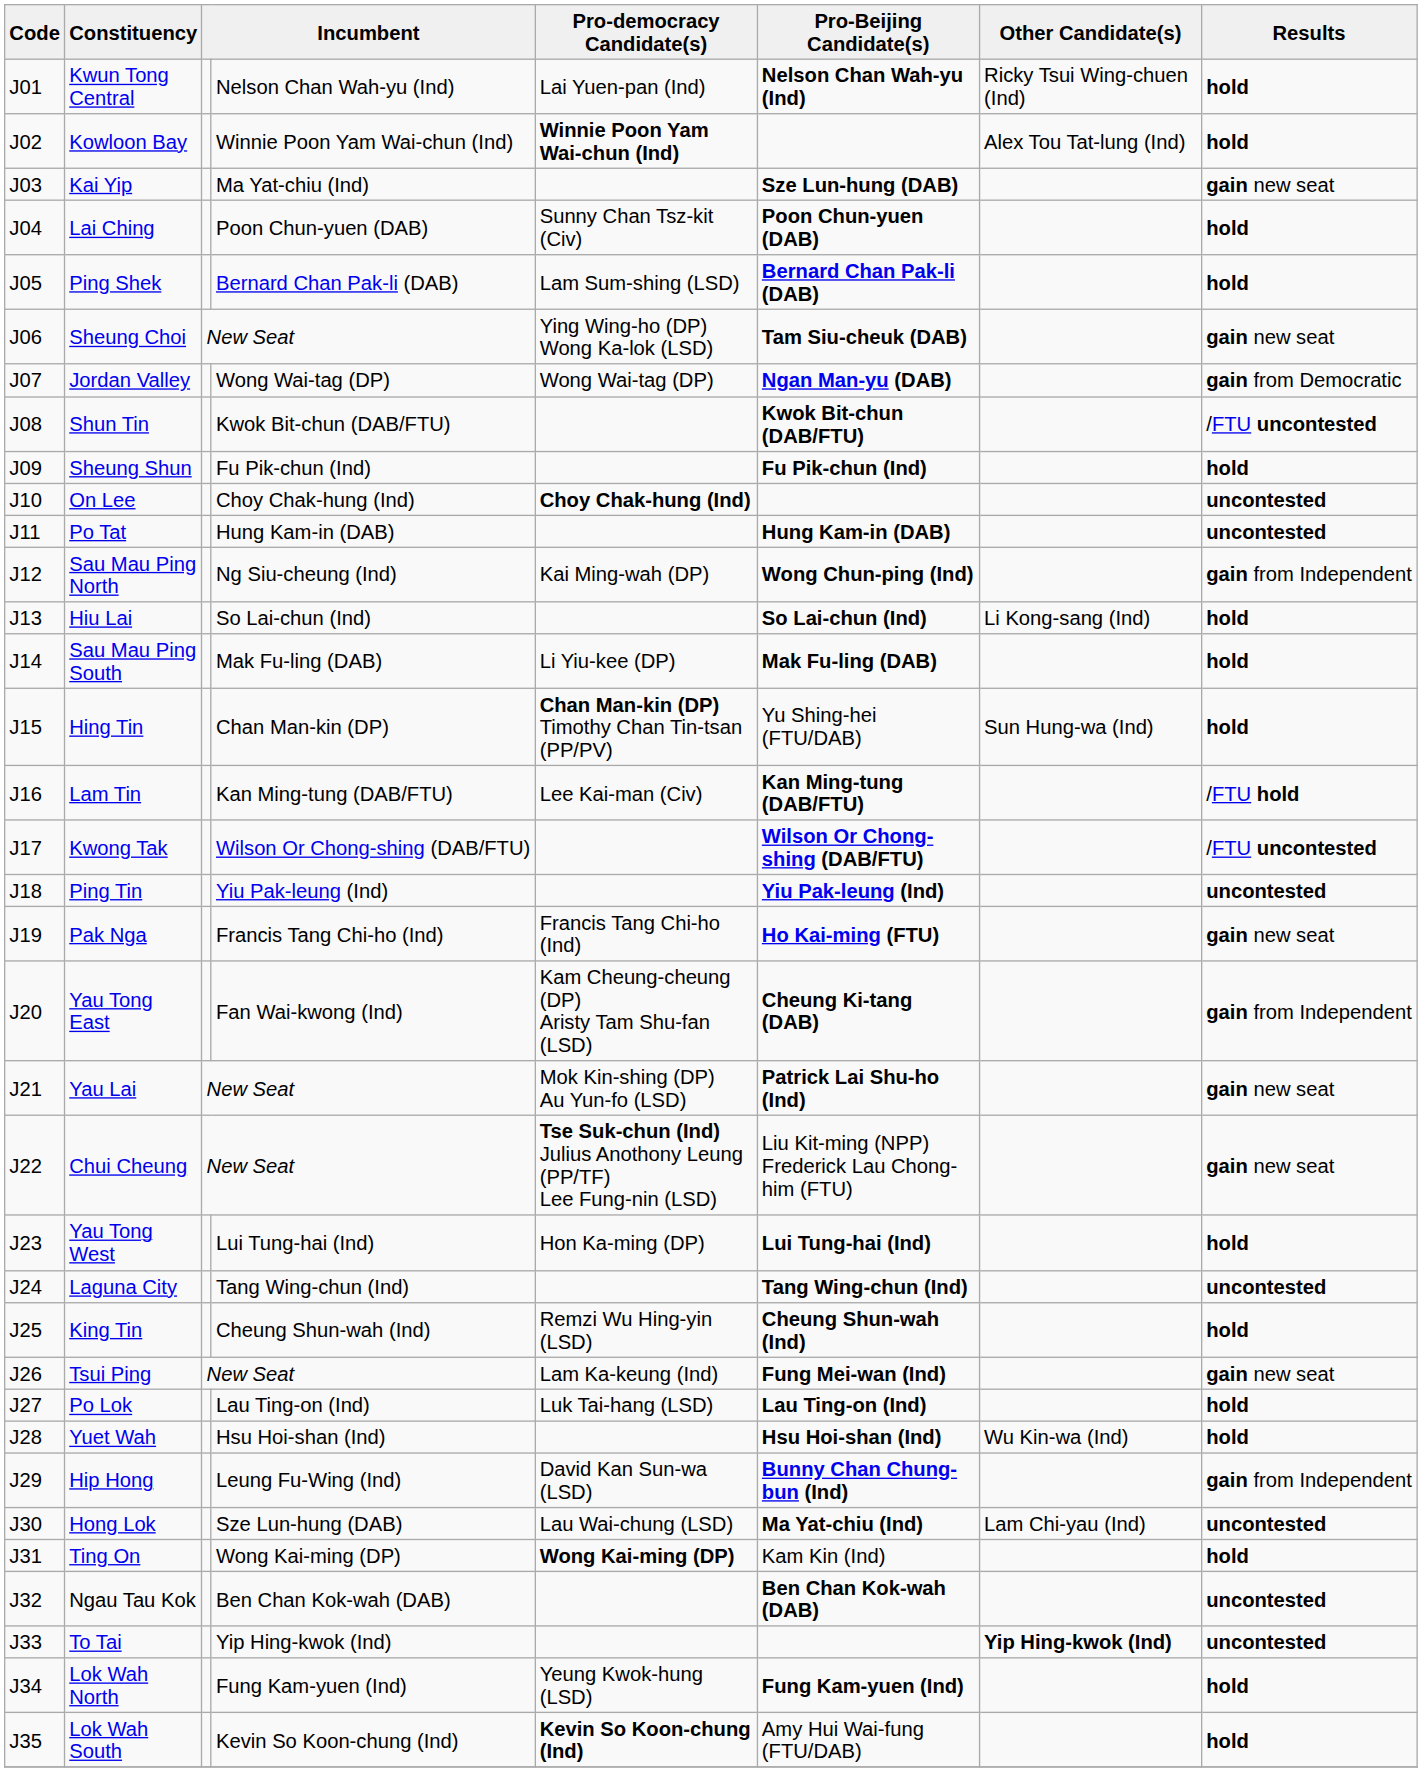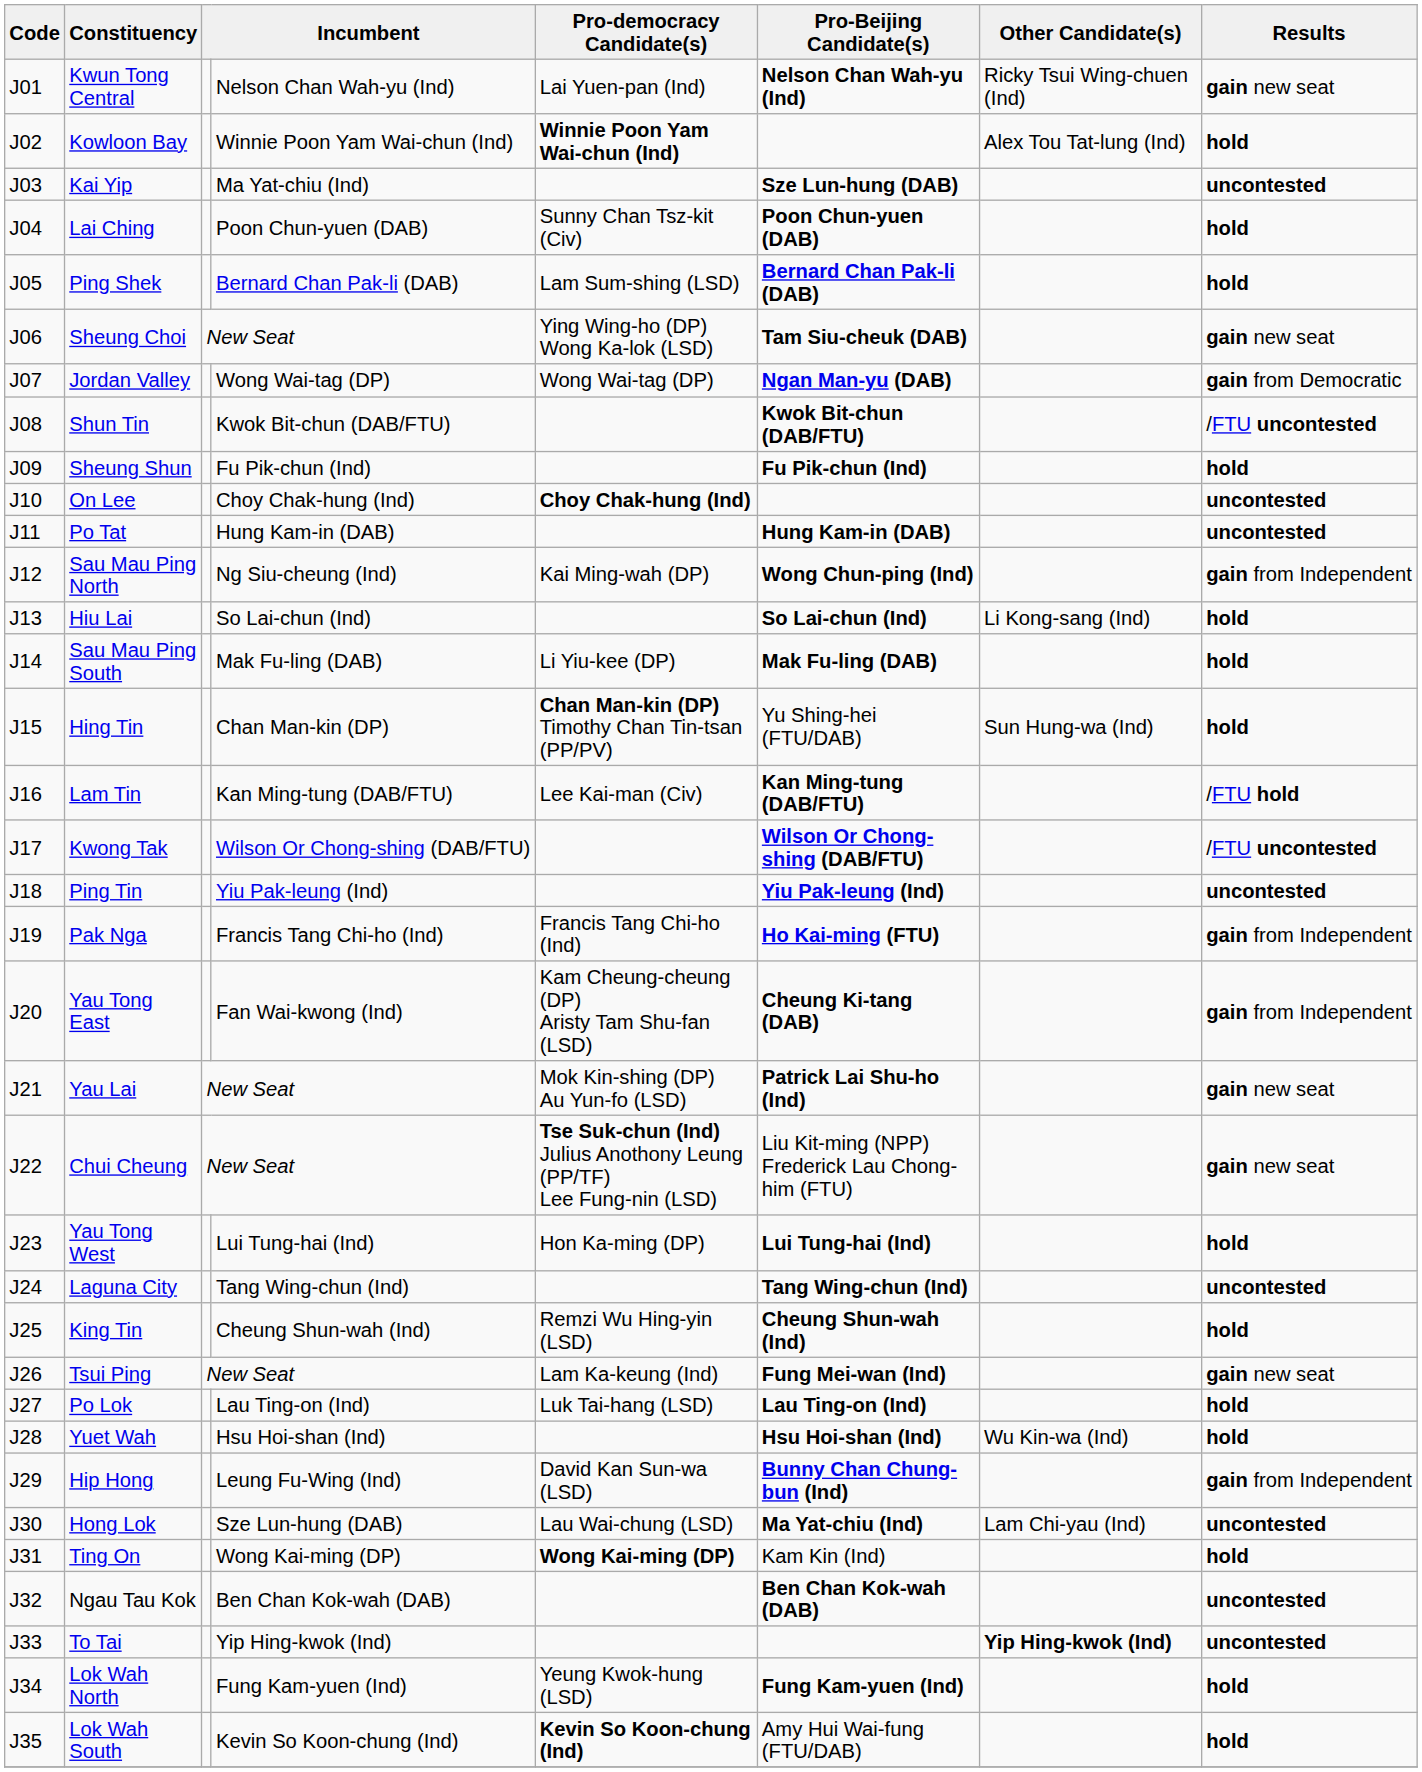 <table class="wikitable" style="font-size: 95%;">
 <tr>
 <th align="center" style="background:#f0f0f0;" width="20px">Code</th>
 <th align="center" style="background:#f0f0f0;" width="90px">Constituency</th>
 <th align="center" style="background:#f0f0f0;" width="120px" colspan=2>Incumbent</th>
 <th align="center" style="background:#f0f0f0;" width="160px">Pro-democracy Candidate(s)</th>
 <th align="center" style="background:#f0f0f0;" width="160px">Pro-Beijing Candidate(s)</th>
 <th align="center" style="background:#f0f0f0;" width="160px">Other Candidate(s)</th>
 <th align="center" style="background:#f0f0f0;" width="100px" colspan="2">Results</th>
 </tr>
 <tr>
 <td>J01</td>
 <td><a href='#'>Kwun Tong Central</a></td>
 <td></td>
 <td>Nelson Chan Wah-yu (Ind)</td>
 <td>Lai Yuen-pan (Ind)</td>
 <td><strong>Nelson Chan Wah-yu (Ind)</strong></td>
 <td>Ricky Tsui Wing-chuen (Ind)</td>
-<td> <strong>hold</strong></td>
+<td> <strong>gain</strong> new seat</td>
 </tr>
 <tr>
 <td>J02</td>
 <td><a href='#'>Kowloon Bay</a></td>
 <td></td>
 <td>Winnie Poon Yam Wai-chun (Ind)</td>
 <td><strong>Winnie Poon Yam Wai-chun (Ind)</strong></td>
 <td></td>
 <td>Alex Tou Tat-lung (Ind)</td>
 <td> <strong>hold</strong></td>
 </tr>
 <tr>
 <td>J03</td>
 <td><a href='#'>Kai Yip</a></td>
 <td></td>
 <td>Ma Yat-chiu (Ind)</td>
 <td></td>
 <td><strong>Sze Lun-hung (DAB)</strong></td>
 <td></td>
-<td> <strong>gain</strong> new seat</td>
+<td> <strong>uncontested</strong></td>
 </tr>
 <tr>
 <td>J04</td>
 <td><a href='#'>Lai Ching</a></td>
 <td></td>
 <td>Poon Chun-yuen (DAB)</td>
 <td>Sunny Chan Tsz-kit (Civ)</td>
 <td><strong>Poon Chun-yuen (DAB)</strong></td>
 <td></td>
 <td> <strong>hold</strong></td>
 </tr>
 <tr>
 <td>J05</td>
 <td><a href='#'>Ping Shek</a></td>
 <td></td>
 <td><a href='#'>Bernard Chan Pak-li</a> (DAB)</td>
 <td>Lam Sum-shing (LSD)</td>
 <td><strong><a href='#'>Bernard Chan Pak-li</a> (DAB)</strong></td>
 <td></td>
 <td> <strong>hold</strong></td>
 </tr>
 <tr>
 <td>J06</td>
 <td><a href='#'>Sheung Choi</a></td>
 <td colspan=2><em>New Seat</em></td>
 <td>Ying Wing-ho (DP)<br> Wong Ka-lok (LSD)</td>
 <td><strong>Tam Siu-cheuk (DAB)</strong></td>
 <td></td>
 <td> <strong>gain</strong> new seat</td>
 </tr>
 <tr>
 <td>J07</td>
 <td><a href='#'>Jordan Valley</a></td>
 <td></td>
 <td>Wong Wai-tag (DP)</td>
 <td>Wong Wai-tag (DP)</td>
 <td><strong><a href='#'>Ngan Man-yu</a> (DAB)</strong></td>
 <td></td>
 <td> <strong>gain</strong> from Democratic</td>
 </tr>
 <tr>
 <td>J08</td>
 <td><a href='#'>Shun Tin</a></td>
 <td></td>
 <td>Kwok Bit-chun (DAB/FTU)</td>
 <td></td>
 <td><strong>Kwok Bit-chun (DAB/FTU)</strong></td>
 <td></td>
 <td>/<a href='#'>FTU</a> <strong>uncontested</strong></td>
 </tr>
 <tr>
 <td>J09</td>
 <td><a href='#'>Sheung Shun</a></td>
 <td></td>
 <td>Fu Pik-chun (Ind)</td>
 <td></td>
 <td><strong>Fu Pik-chun (Ind)</strong></td>
 <td></td>
 <td> <strong>hold</strong></td>
 </tr>
 <tr>
 <td>J10</td>
 <td><a href='#'>On Lee</a></td>
 <td></td>
 <td>Choy Chak-hung (Ind)</td>
 <td><strong>Choy Chak-hung (Ind)</strong></td>
 <td></td>
 <td></td>
 <td> <strong>uncontested</strong></td>
 </tr>
 <tr>
 <td>J11</td>
 <td><a href='#'>Po Tat</a></td>
 <td></td>
 <td>Hung Kam-in (DAB)</td>
 <td></td>
 <td><strong>Hung Kam-in (DAB)</strong></td>
 <td></td>
 <td> <strong>uncontested</strong></td>
 </tr>
 <tr>
 <td>J12</td>
 <td><a href='#'>Sau Mau Ping North</a></td>
 <td></td>
 <td>Ng Siu-cheung (Ind)</td>
 <td>Kai Ming-wah (DP)</td>
 <td><strong>Wong Chun-ping (Ind) </strong></td>
 <td></td>
 <td> <strong>gain</strong> from Independent</td>
 </tr>
 <tr>
 <td>J13</td>
 <td><a href='#'>Hiu Lai</a></td>
 <td></td>
 <td>So Lai-chun (Ind)</td>
 <td></td>
 <td><strong>So Lai-chun (Ind)</strong></td>
 <td>Li Kong-sang (Ind)</td>
 <td> <strong>hold</strong></td>
 </tr>
 <tr>
 <td>J14</td>
 <td><a href='#'>Sau Mau Ping South</a></td>
 <td></td>
 <td>Mak Fu-ling (DAB)</td>
 <td>Li Yiu-kee (DP)</td>
 <td><strong>Mak Fu-ling (DAB)</strong></td>
 <td></td>
 <td> <strong>hold</strong></td>
 </tr>
 <tr>
 <td>J15</td>
 <td><a href='#'>Hing Tin</a></td>
 <td></td>
 <td>Chan Man-kin (DP)</td>
 <td><strong>Chan Man-kin (DP)</strong><br>Timothy Chan Tin-tsan (PP/PV)</td>
 <td>Yu Shing-hei (FTU/DAB)</td>
 <td>Sun Hung-wa (Ind)</td>
 <td> <strong>hold</strong></td>
 </tr>
 <tr>
 <td>J16</td>
 <td><a href='#'>Lam Tin</a></td>
 <td></td>
 <td>Kan Ming-tung (DAB/FTU)</td>
 <td>Lee Kai-man (Civ)</td>
 <td><strong>Kan Ming-tung (DAB/FTU)</strong></td>
 <td></td>
 <td>/<a href='#'>FTU</a> <strong>hold</strong></td>
 </tr>
 <tr>
 <td>J17</td>
 <td><a href='#'>Kwong Tak</a></td>
 <td></td>
 <td><a href='#'>Wilson Or Chong-shing</a> (DAB/FTU)</td>
 <td></td>
 <td><strong><a href='#'>Wilson Or Chong-shing</a> (DAB/FTU)</strong></td>
 <td></td>
 <td>/<a href='#'>FTU</a> <strong>uncontested</strong></td>
 </tr>
 <tr>
 <td>J18</td>
 <td><a href='#'>Ping Tin</a></td>
 <td></td>
 <td><a href='#'>Yiu Pak-leung</a> (Ind)</td>
 <td></td>
 <td><strong><a href='#'>Yiu Pak-leung</a> (Ind)</strong></td>
 <td></td>
 <td> <strong>uncontested</strong></td>
 </tr>
 <tr>
 <td>J19</td>
 <td><a href='#'>Pak Nga</a></td>
 <td></td>
 <td>Francis Tang Chi-ho (Ind)</td>
 <td>Francis Tang Chi-ho (Ind)</td>
 <td><strong> <a href='#'>Ho Kai-ming</a> (FTU) </strong></td>
 <td></td>
-<td> <strong>gain</strong> new seat</td>
+<td> <strong>gain</strong> from Independent</td>
 </tr>
 <tr>
 <td>J20</td>
 <td><a href='#'>Yau Tong East</a></td>
 <td></td>
 <td>Fan Wai-kwong (Ind)</td>
 <td>Kam Cheung-cheung (DP)<br>Aristy Tam Shu-fan (LSD)</td>
 <td><strong>Cheung Ki-tang (DAB)</strong></td>
 <td></td>
 <td> <strong>gain</strong> from Independent</td>
 </tr>
 <tr>
 <td>J21</td>
 <td><a href='#'>Yau Lai</a></td>
 <td colspan=2><em>New Seat</em></td>
 <td>Mok Kin-shing (DP)<br> Au Yun-fo (LSD)</td>
 <td><strong>Patrick Lai Shu-ho (Ind)</strong></td>
 <td></td>
 <td> <strong>gain</strong> new seat</td>
 </tr>
 <tr>
 <td>J22</td>
 <td><a href='#'>Chui Cheung</a></td>
 <td colspan=2><em>New Seat</em></td>
 <td><strong>Tse Suk-chun (Ind)</strong><br>Julius Anothony Leung (PP/TF)<br>Lee Fung-nin (LSD)</td>
 <td>Liu Kit-ming (NPP)<br>Frederick Lau Chong-him (FTU)</td>
 <td></td>
 <td> <strong>gain</strong> new seat</td>
 </tr>
 <tr>
 <td>J23</td>
 <td><a href='#'>Yau Tong West</a></td>
 <td></td>
 <td>Lui Tung-hai (Ind)</td>
 <td>Hon Ka-ming (DP)</td>
 <td><strong>Lui Tung-hai (Ind)</strong></td>
 <td></td>
 <td> <strong>hold</strong></td>
 </tr>
 <tr>
 <td>J24</td>
 <td><a href='#'>Laguna City</a></td>
 <td></td>
 <td>Tang Wing-chun (Ind)</td>
 <td></td>
 <td><strong>Tang Wing-chun (Ind)</strong></td>
 <td></td>
 <td> <strong>uncontested</strong></td>
 </tr>
 <tr>
 <td>J25</td>
 <td><a href='#'>King Tin</a></td>
 <td></td>
 <td>Cheung Shun-wah (Ind)</td>
 <td>Remzi Wu Hing-yin (LSD)</td>
 <td><strong>Cheung Shun-wah (Ind)</strong></td>
 <td></td>
 <td> <strong>hold</strong></td>
 </tr>
 <tr>
 <td>J26</td>
 <td><a href='#'>Tsui Ping</a></td>
 <td colspan=2><em>New Seat</em></td>
 <td>Lam Ka-keung (Ind)</td>
 <td><strong>Fung Mei-wan (Ind)</strong></td>
 <td></td>
 <td> <strong>gain</strong> new seat</td>
 </tr>
 <tr>
 <td>J27</td>
 <td><a href='#'>Po Lok</a></td>
 <td></td>
 <td>Lau Ting-on (Ind)</td>
 <td>Luk Tai-hang (LSD)</td>
 <td><strong>Lau Ting-on (Ind)</strong></td>
 <td></td>
 <td> <strong>hold</strong></td>
 </tr>
 <tr>
 <td>J28</td>
 <td><a href='#'>Yuet Wah</a></td>
 <td></td>
 <td>Hsu Hoi-shan (Ind)</td>
 <td></td>
 <td><strong>Hsu Hoi-shan (Ind)</strong></td>
 <td>Wu Kin-wa (Ind)</td>
 <td> <strong>hold</strong></td>
 </tr>
 <tr>
 <td>J29</td>
 <td><a href='#'>Hip Hong</a></td>
 <td></td>
 <td>Leung Fu-Wing (Ind)</td>
 <td>David Kan Sun-wa (LSD)</td>
 <td><strong><a href='#'>Bunny Chan Chung-bun</a> (Ind)</strong></td>
 <td></td>
 <td> <strong>gain</strong> from Independent</td>
 </tr>
 <tr>
 <td>J30</td>
 <td><a href='#'>Hong Lok</a></td>
 <td></td>
 <td>Sze Lun-hung (DAB)</td>
 <td>Lau Wai-chung (LSD)</td>
 <td><strong>Ma Yat-chiu (Ind)</strong></td>
 <td>Lam Chi-yau (Ind)</td>
 <td> <strong>uncontested</strong></td>
 </tr>
 <tr>
 <td>J31</td>
 <td><a href='#'>Ting On</a></td>
 <td></td>
 <td>Wong Kai-ming (DP)</td>
 <td><strong>Wong Kai-ming (DP)</strong></td>
 <td>Kam Kin (Ind) </td>
 <td></td>
 <td> <strong>hold</strong></td>
 </tr>
 <tr>
 <td>J32</td>
 <td>Ngau Tau Kok</td>
 <td></td>
 <td>Ben Chan Kok-wah (DAB)</td>
 <td></td>
 <td><strong>Ben Chan Kok-wah (DAB)</strong></td>
 <td></td>
 <td> <strong>uncontested</strong></td>
 </tr>
 <tr>
 <td>J33</td>
 <td><a href='#'>To Tai</a></td>
 <td></td>
 <td>Yip Hing-kwok (Ind)</td>
 <td></td>
 <td></td>
 <td><strong>Yip Hing-kwok (Ind)</strong></td>
 <td> <strong>uncontested</strong></td>
 </tr>
 <tr>
 <td>J34</td>
 <td><a href='#'>Lok Wah North</a></td>
 <td></td>
 <td>Fung Kam-yuen (Ind)</td>
 <td>Yeung Kwok-hung (LSD)</td>
 <td><strong>Fung Kam-yuen (Ind)</strong> </td>
 <td></td>
 <td> <strong>hold</strong></td>
 </tr>
 <tr>
 <td>J35</td>
 <td><a href='#'>Lok Wah South</a></td>
 <td></td>
 <td>Kevin So Koon-chung (Ind)</td>
 <td><strong>Kevin So Koon-chung (Ind)</strong></td>
 <td>Amy Hui Wai-fung (FTU/DAB)</td>
 <td></td>
 <td> <strong>hold</strong></td>
 </tr>
 <tr>
 </tr>
 </table>
